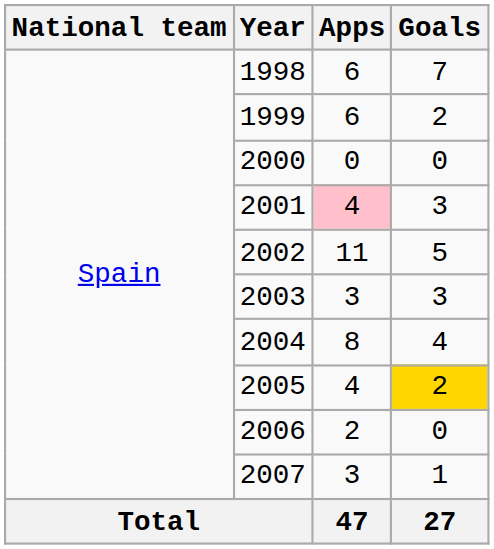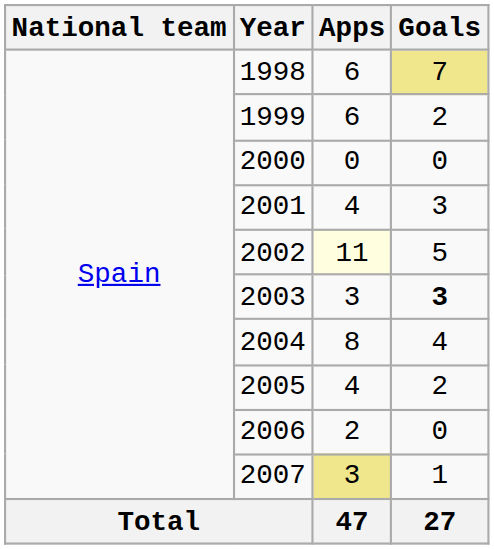 <table class="wikitable" style="text-align:center">
 <tr>
 <th>National team</th>
 <th>Year</th>
 <th>Apps</th>
 <th>Goals</th>
 </tr>
 <tr>
 <td rowspan="10"><a href='#'>Spain</a></td>
 <td>1998</td>
 <td>6</td>
-<td>7</td>
+<td style="background: khaki;">7</td>
 </tr>
 <tr>
 <td>1999</td>
 <td>6</td>
 <td>2</td>
 </tr>
 <tr>
 <td>2000</td>
 <td>0</td>
 <td>0</td>
 </tr>
 <tr>
 <td>2001</td>
-<td style="background: pink;">4</td>
+<td>4</td>
 <td>3</td>
 </tr>
 <tr>
 <td>2002</td>
-<td>11</td>
+<td style="background: lightyellow;">11</td>
 <td>5</td>
 </tr>
 <tr>
 <td>2003</td>
 <td>3</td>
-<td>3</td>
+<td><strong>3</strong></td>
 </tr>
 <tr>
 <td>2004</td>
 <td>8</td>
 <td>4</td>
 </tr>
 <tr>
 <td>2005</td>
 <td>4</td>
-<td style="background: gold;">2</td>
+<td>2</td>
 </tr>
 <tr>
 <td>2006</td>
 <td>2</td>
 <td>0</td>
 </tr>
 <tr>
 <td>2007</td>
-<td>3</td>
+<td style="background: khaki;">3</td>
 <td>1</td>
 </tr>
 <tr>
 <th colspan="2">Total</th>
 <th>47</th>
 <th>27</th>
 </tr>
 </table>
